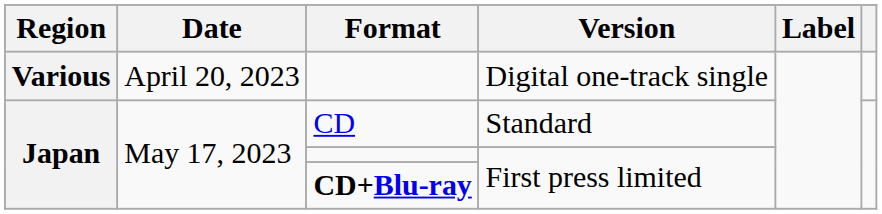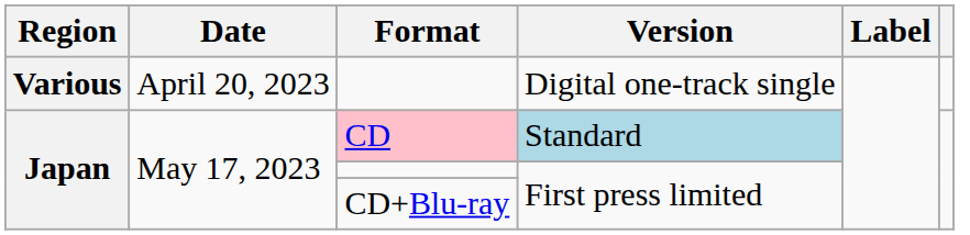 <table class="wikitable plainrowheaders">
 <tr>
 <th scope="col">Region</th>
 <th scope="col">Date</th>
 <th scope="col">Format</th>
 <th scope="col">Version</th>
 <th scope="col">Label</th>
 <th scope="col"></th>
 </tr>
 <tr>
 <th scope="row">Various</th>
 <td>April 20, 2023</td>
 <td></td>
 <td>Digital one-track single</td>
 <td rowspan="4"></td>
 <td style="text-align:center"></td>
 </tr>
 <tr>
 <th rowspan="3" scope="row">Japan</th>
 <td rowspan="3">May 17, 2023</td>
-<td><a href='#'>CD</a></td>
-<td>Standard</td>
+<td style="background: pink;"><a href='#'>CD</a></td>
+<td style="background: lightblue;">Standard</td>
 <td style="text-align:center" rowspan="3"></td>
 </tr>
 <tr>
 <td></td>
 <td rowspan="2">First press limited</td>
 </tr>
 <tr>
-<td><strong>CD+<a href='#'>Blu-ray</a></strong></td>
+<td>CD+<a href='#'>Blu-ray</a></td>
 </tr>
 </table>
